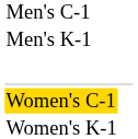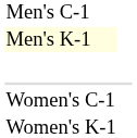 <table>
 <tr>
 <td>Men's C-1<br></td>
 <td></td>
 <td></td>
 <td></td>
 </tr>
 <tr>
-<td>Men's K-1<br></td>
+<td style="background: lightyellow;">Men's K-1<br></td>
 <td></td>
 <td></td>
 <td></td>
 </tr>
 <tr>
 <td><br></td>
 <td></td>
 <td></td>
 <td></td>
 </tr>
 <tr bgcolor=#DDDDDD>
 <td colspan=7></td>
 </tr>
 <tr>
-<td style="background: gold;">Women's C-1<br></td>
+<td>Women's C-1<br></td>
 <td></td>
 <td></td>
 <td></td>
 </tr>
 <tr>
 <td>Women's K-1<br></td>
 <td></td>
 <td></td>
 <td></td>
 </tr>
 <tr>
 <td><br></td>
 <td></td>
 <td></td>
 <td></td>
 </tr>
 </table>
